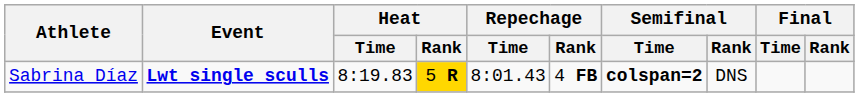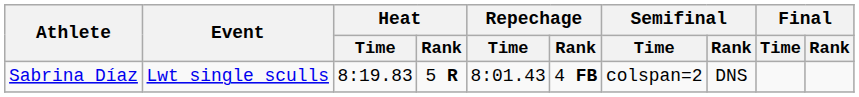 <table class="wikitable" style="font-size:90%;text-align:center">
 <tr>
 <th rowspan=2>Athlete</th>
 <th rowspan=2>Event</th>
 <th colspan=2>Heat</th>
 <th colspan=2>Repechage</th>
 <th colspan=2>Semifinal</th>
 <th colspan=2>Final</th>
 </tr>
 <tr style=font-size:95%>
 <th>Time</th>
 <th>Rank</th>
 <th>Time</th>
 <th>Rank</th>
 <th>Time</th>
 <th>Rank</th>
 <th>Time</th>
 <th>Rank</th>
 </tr>
 <tr>
 <td align=left><a href='#'>Sabrina Díaz</a></td>
-<td align=left><strong><a href='#'>Lwt single sculls</a></strong></td>
+<td align=left><a href='#'>Lwt single sculls</a></td>
 <td>8:19.83</td>
-<td style="background: gold;">5 <strong>R</strong></td>
+<td>5 <strong>R</strong></td>
 <td>8:01.43</td>
 <td>4 <strong>FB</strong></td>
-<td><strong>colspan=2 </strong></td>
+<td>colspan=2 </td>
 <td>DNS</td>
 <td></td>
 </tr>
 </table>
